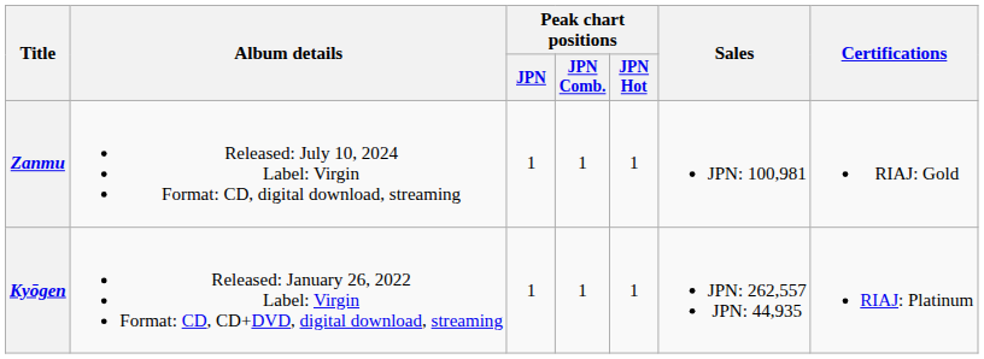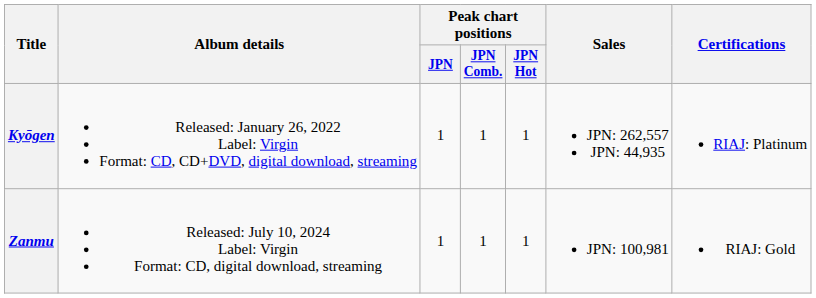 <table class="wikitable plainrowheaders" style="text-align:center">
 <tr>
 <th scope="col" rowspan="2">Title</th>
 <th scope="col" rowspan="2">Album details</th>
 <th scope="col" colspan="3">Peak chart positions</th>
 <th scope="col" rowspan="2">Sales</th>
 <th scope="col" rowspan="2"><a href='#'>Certifications</a></th>
 </tr>
 <tr>
 <th scope="col" style="width:2.5em;font-size:90%;"><a href='#'>JPN</a><br></th>
 <th scope="col" style="width:2.5em;font-size:90%;"><a href='#'>JPN<br>Comb.</a><br></th>
 <th scope="col" style="width:2.5em;font-size:90%;"><a href='#'>JPN<br>Hot</a><br></th>
 </tr>
 <tr>
+<th scope="row"><em><a href='#'>Kyōgen</a></em></th>
+<td><br><ul><li>Released: January 26, 2022</li><li>Label: <a href='#'>Virgin</a></li><li>Format: <a href='#'>CD</a>, CD+<a href='#'>DVD</a>, <a href='#'>digital download</a>, <a href='#'>streaming</a></li></ul></td>
+<td>1</td>
+<td>1</td>
+<td>1</td>
+<td><br><ul><li>JPN: 262,557 </li><li>JPN: 44,935 </li></ul></td>
+<td><br><ul><li><a href='#'>RIAJ</a>: Platinum</li></ul></td>
+</tr>
+<tr>
 <th scope="row"><em><a href='#'>Zanmu</a></em></th>
 <td><br><ul><li>Released: July 10, 2024</li><li>Label: Virgin</li><li>Format: CD, digital download, streaming</li></ul></td>
 <td>1</td>
 <td>1</td>
 <td>1</td>
 <td><br><ul><li>JPN: 100,981 </li></ul></td>
 <td><br><ul><li>RIAJ: Gold</li></ul></td>
 </tr>
-<tr>
-<th scope="row"><em><a href='#'>Kyōgen</a></em></th>
-<td><br><ul><li>Released: January 26, 2022</li><li>Label: <a href='#'>Virgin</a></li><li>Format: <a href='#'>CD</a>, CD+<a href='#'>DVD</a>, <a href='#'>digital download</a>, <a href='#'>streaming</a></li></ul></td>
-<td>1</td>
-<td>1</td>
-<td>1</td>
-<td><br><ul><li>JPN: 262,557 </li><li>JPN: 44,935 </li></ul></td>
-<td><br><ul><li><a href='#'>RIAJ</a>: Platinum</li></ul></td>
-</tr>
 </table>
